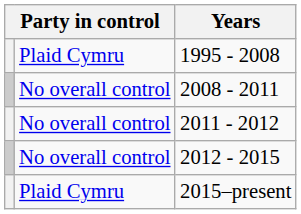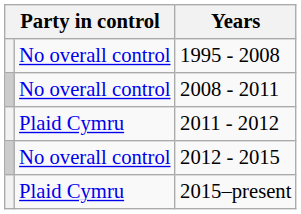 <table class="wikitable" style="font-size: 95%;">
 <tr>
 <th colspan=2>Party in control</th>
 <th>Years</th>
 </tr>
 <tr>
 <th style="background:"></th>
-<td><a href='#'>Plaid Cymru</a></td>
+<td><a href='#'>No overall control</a></td>
 <td>1995 - 2008</td>
 </tr>
 <tr>
 <th style="background-color: #CCCCCC"></th>
 <td><a href='#'>No overall control</a></td>
 <td>2008 - 2011</td>
 </tr>
 <tr>
 <th style="background-color: "></th>
-<td><a href='#'>No overall control</a></td>
+<td><a href='#'>Plaid Cymru</a></td>
 <td>2011 - 2012</td>
 </tr>
 <tr>
 <th style="background-color: #CCCCCC"></th>
 <td><a href='#'>No overall control</a></td>
 <td>2012 - 2015</td>
 </tr>
 <tr>
 <th style="background-color: "></th>
 <td><a href='#'>Plaid Cymru</a></td>
 <td>2015–present</td>
 </tr>
 </table>
